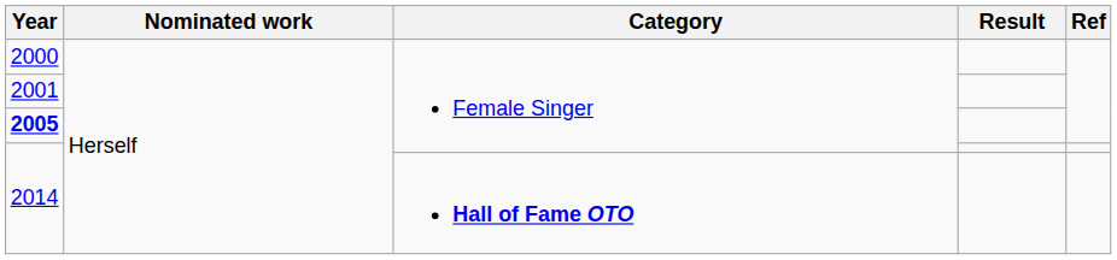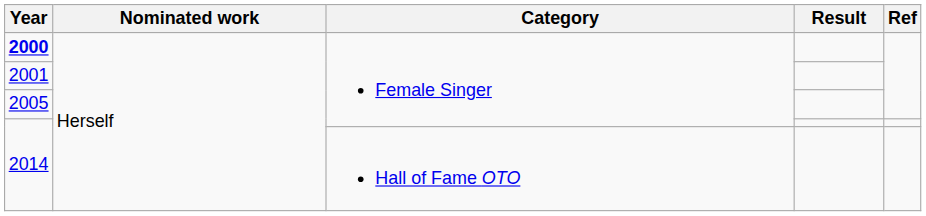 <table class="wikitable">
 <tr>
 <th style="width:10px;">Year</th>
 <th style="width:237px;">Nominated work</th>
 <th style="width:410px;">Category</th>
 <th style="width:73px;">Result</th>
 <th>Ref</th>
 </tr>
 <tr>
-<td><a href='#'>2000</a></td>
+<td><strong><a href='#'>2000</a></strong></td>
 <td rowspan=5>Herself</td>
 <td rowspan=4><br><ul><li><a href='#'>Female Singer</a></li></ul></td>
 <td></td>
 <td align=center rowspan=3></td>
 </tr>
 <tr>
 <td><a href='#'>2001</a></td>
 <td></td>
 </tr>
 <tr>
-<td><strong><a href='#'>2005</a></strong></td>
+<td><a href='#'>2005</a></td>
 <td></td>
 </tr>
 <tr>
 <td rowspan=2><a href='#'>2014</a></td>
 <td></td>
 <td align=center></td>
 </tr>
 <tr>
-<td><strong><br><ul><li><a href='#'>Hall of Fame <em>OTO</em></a></li></ul></strong></td>
+<td><br><ul><li><a href='#'>Hall of Fame <em>OTO</em></a></li></ul></td>
 <td></td>
 <td align=center></td>
 </tr>
 </table>
